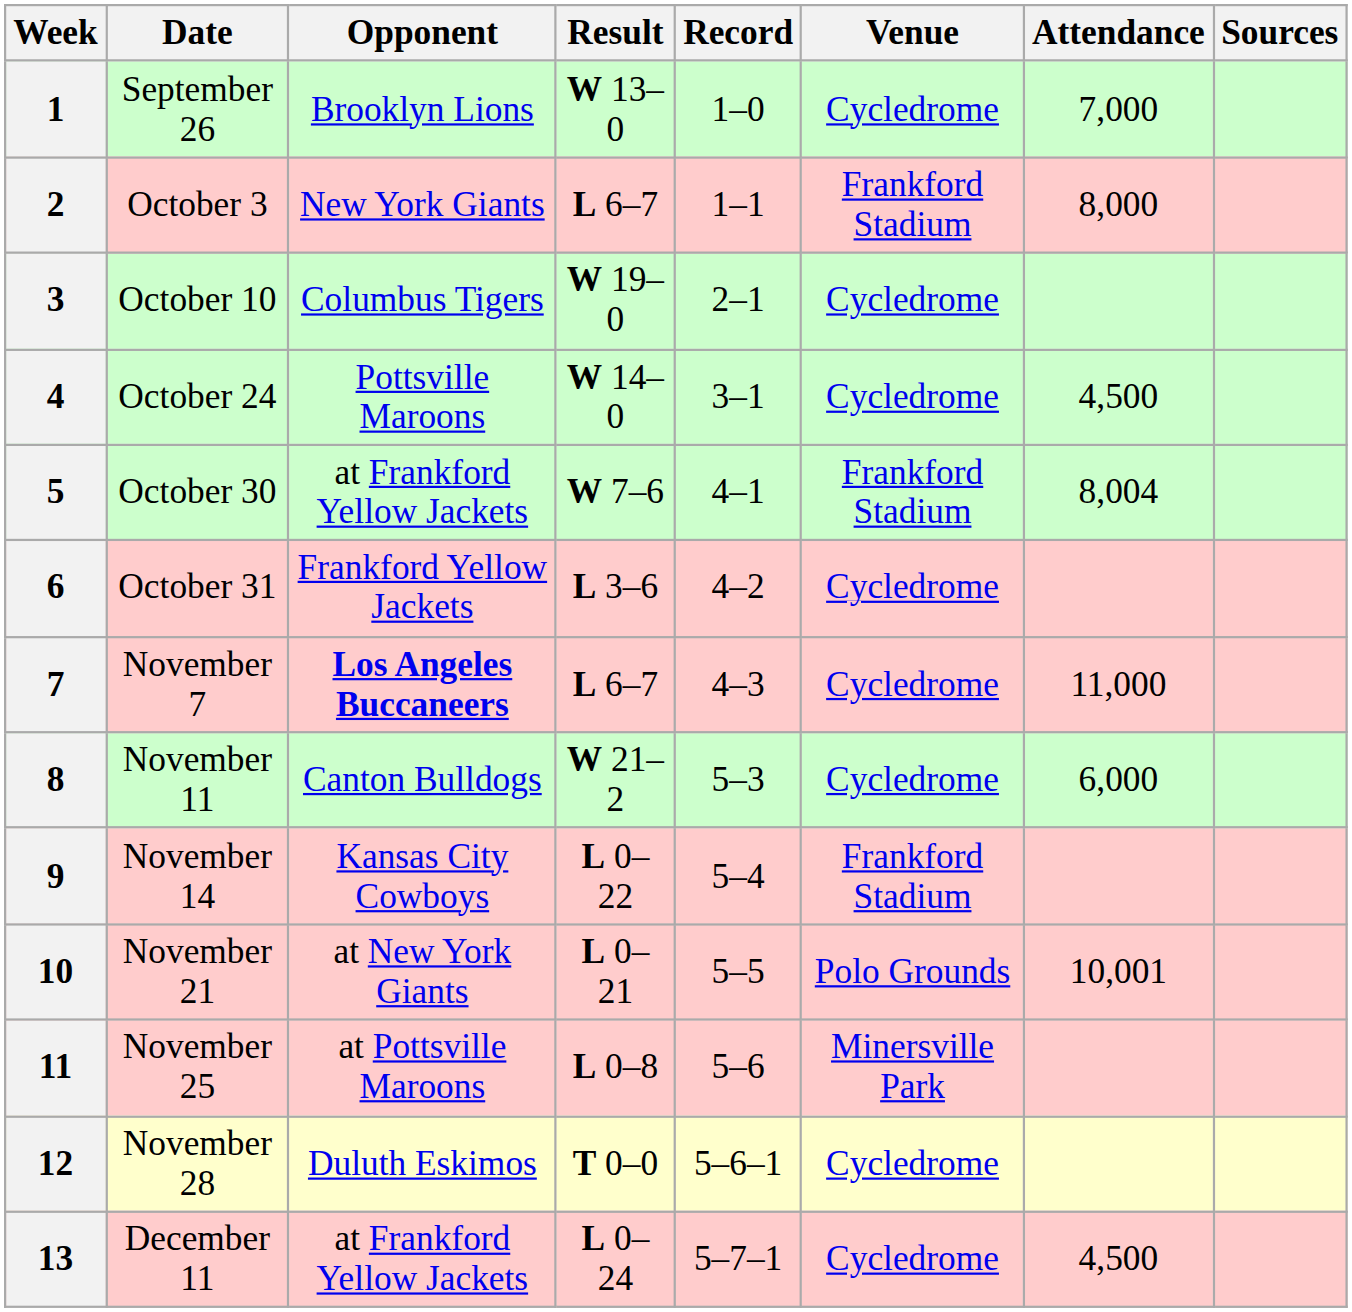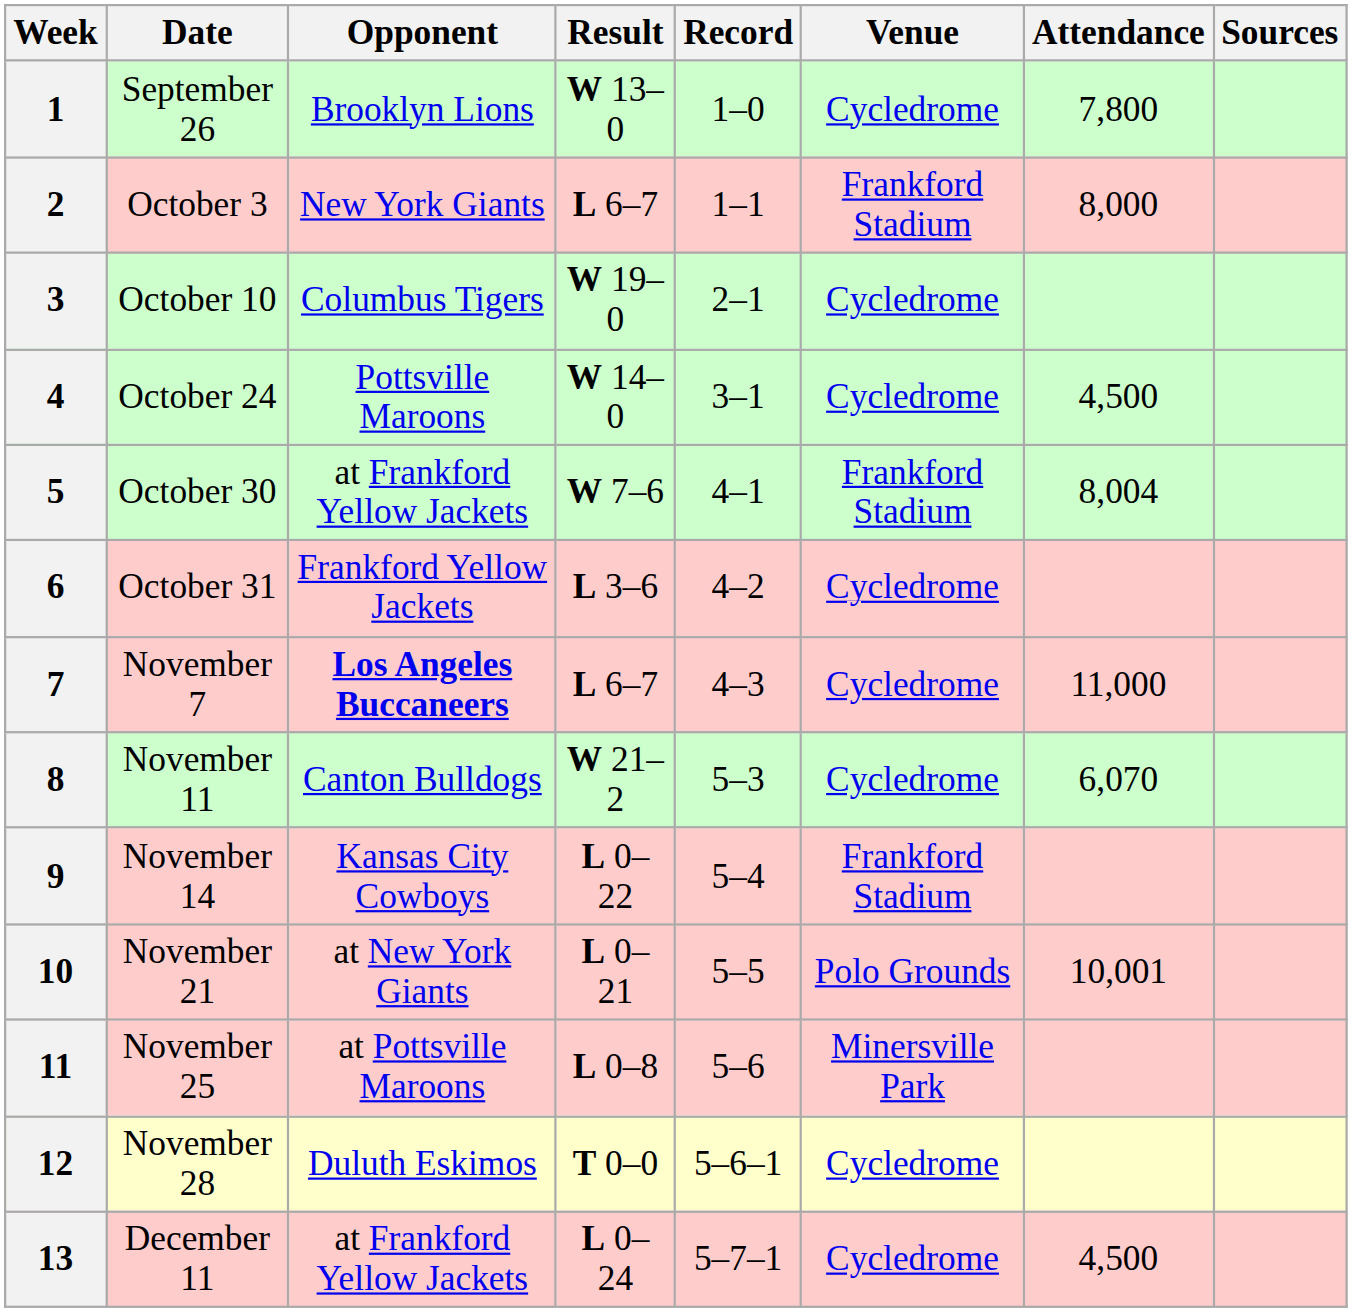 <table class="wikitable" style="text-align:center">
 <tr>
 <th>Week</th>
 <th>Date</th>
 <th>Opponent</th>
 <th>Result</th>
 <th>Record</th>
 <th>Venue</th>
 <th>Attendance</th>
 <th>Sources</th>
 </tr>
 <tr style="background:#cfc">
 <th>1</th>
 <td>September 26</td>
 <td><a href='#'>Brooklyn Lions</a></td>
 <td><strong>W</strong> 13–0</td>
 <td>1–0</td>
 <td><a href='#'>Cycledrome</a></td>
-<td>7,000</td>
+<td>7,800</td>
 <td></td>
 </tr>
 <tr style="background:#fcc">
 <th>2</th>
 <td>October 3</td>
 <td><a href='#'>New York Giants</a></td>
 <td><strong>L</strong> 6–7</td>
 <td>1–1</td>
 <td><a href='#'>Frankford Stadium</a></td>
 <td>8,000</td>
 <td></td>
 </tr>
 <tr style="background:#cfc">
 <th>3</th>
 <td>October 10</td>
 <td><a href='#'>Columbus Tigers</a></td>
 <td><strong>W</strong> 19–0</td>
 <td>2–1</td>
 <td><a href='#'>Cycledrome</a></td>
 <td></td>
 <td></td>
 </tr>
 <tr style="background:#cfc">
 <th>4</th>
 <td>October 24</td>
 <td><a href='#'>Pottsville Maroons</a></td>
 <td><strong>W</strong> 14–0</td>
 <td>3–1</td>
 <td><a href='#'>Cycledrome</a></td>
 <td>4,500</td>
 <td></td>
 </tr>
 <tr style="background:#cfc">
 <th>5</th>
 <td>October 30</td>
 <td>at <a href='#'>Frankford Yellow Jackets</a></td>
 <td><strong>W</strong> 7–6</td>
 <td>4–1</td>
 <td><a href='#'>Frankford Stadium</a></td>
 <td>8,004</td>
 <td></td>
 </tr>
 <tr style="background:#fcc">
 <th>6</th>
 <td>October 31</td>
 <td><a href='#'>Frankford Yellow Jackets</a></td>
 <td><strong>L</strong> 3–6</td>
 <td>4–2</td>
 <td><a href='#'>Cycledrome</a></td>
 <td></td>
 <td></td>
 </tr>
 <tr style="background:#fcc">
 <th>7</th>
 <td>November 7</td>
 <td><strong><a href='#'>Los Angeles Buccaneers</a></strong></td>
 <td><strong>L</strong> 6–7</td>
 <td>4–3</td>
 <td><a href='#'>Cycledrome</a></td>
 <td>11,000</td>
 <td></td>
 </tr>
 <tr style="background:#cfc">
 <th>8</th>
 <td>November 11</td>
 <td><a href='#'>Canton Bulldogs</a></td>
 <td><strong>W</strong> 21–2</td>
 <td>5–3</td>
 <td><a href='#'>Cycledrome</a></td>
-<td>6,000</td>
+<td>6,070</td>
 <td></td>
 </tr>
 <tr style="background:#fcc">
 <th>9</th>
 <td>November 14</td>
 <td><a href='#'>Kansas City Cowboys</a></td>
 <td><strong>L</strong> 0–22</td>
 <td>5–4</td>
 <td><a href='#'>Frankford Stadium</a></td>
 <td></td>
 <td></td>
 </tr>
 <tr style="background:#fcc">
 <th>10</th>
 <td>November 21</td>
 <td>at <a href='#'>New York Giants</a></td>
 <td><strong>L</strong> 0–21</td>
 <td>5–5</td>
 <td><a href='#'>Polo Grounds</a></td>
 <td>10,001</td>
 <td></td>
 </tr>
 <tr style="background:#fcc">
 <th>11</th>
 <td>November 25</td>
 <td>at <a href='#'>Pottsville Maroons</a></td>
 <td><strong>L</strong> 0–8</td>
 <td>5–6</td>
 <td><a href='#'>Minersville Park</a></td>
 <td></td>
 <td></td>
 </tr>
 <tr style="background:#ffc">
 <th>12</th>
 <td>November 28</td>
 <td><a href='#'>Duluth Eskimos</a></td>
 <td><strong>T</strong> 0–0</td>
 <td>5–6–1</td>
 <td><a href='#'>Cycledrome</a></td>
 <td></td>
 <td></td>
 </tr>
 <tr style="background:#fcc">
 <th>13</th>
 <td>December 11</td>
 <td>at <a href='#'>Frankford Yellow Jackets</a></td>
 <td><strong>L</strong> 0–24</td>
 <td>5–7–1</td>
 <td><a href='#'>Cycledrome</a></td>
 <td>4,500</td>
 <td></td>
 </tr>
 </table>
